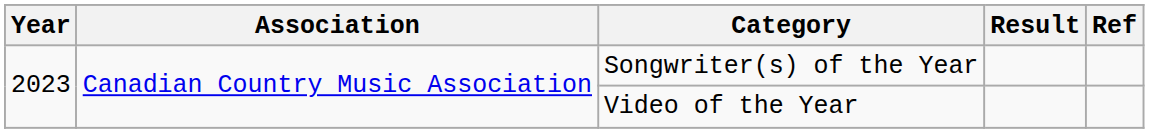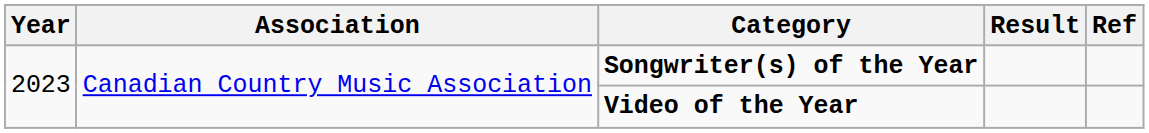 <table class="wikitable">
 <tr>
 <th>Year</th>
 <th>Association</th>
 <th>Category</th>
 <th>Result</th>
 <th>Ref</th>
 </tr>
 <tr>
 <td rowspan="2">2023</td>
 <td rowspan="2"><a href='#'>Canadian Country Music Association</a></td>
-<td>Songwriter(s) of the Year</td>
+<td><strong>Songwriter(s) of the Year</strong></td>
 <td></td>
 <td></td>
 </tr>
 <tr>
-<td>Video of the Year</td>
+<td><strong>Video of the Year</strong></td>
 <td></td>
 <td></td>
 </tr>
 </table>
